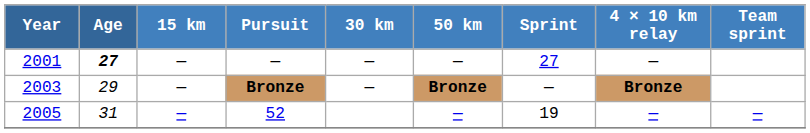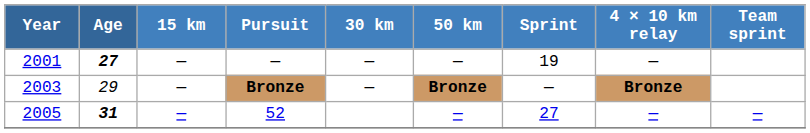 <table class="wikitable" style="font-size:95%; text-align:center; border:grey solid 1px; border-collapse:collapse; background:#ffffff;">
 <tr>
 <th style="background-color:#369; color:white; width:60px;"> Year </th>
 <th style="background-color:#369; color:white; width:40px;"> Age </th>
 <th style="background-color:#4180be; color:white; width:75px;"> 15 km </th>
 <th style="background-color:#4180be; color:white; width:75px;"> Pursuit </th>
 <th style="background-color:#4180be; color:white; width:75px;"> 30 km </th>
 <th style="background-color:#4180be; color:white; width:75px;"> 50 km </th>
 <th style="background-color:#4180be; color:white; width:75px;"> Sprint </th>
 <th style="background-color:#4180be; color:white; width:75px;"> 4 × 10 km <br> relay </th>
 <th style="background-color:#4180be; color:white; width:75px;"> Team <br> sprint </th>
 </tr>
 <tr>
 <td><a href='#'>2001</a></td>
 <td><strong><em>27</em></strong></td>
 <td>—</td>
 <td>—</td>
 <td>—</td>
 <td>—</td>
-<td><a href='#'>27</a></td>
+<td>19</td>
 <td>—</td>
 <td></td>
 </tr>
 <tr>
 <td><a href='#'>2003</a></td>
 <td><em>29</em></td>
 <td>—</td>
 <td bgcolor="cc9966"><strong>Bronze</strong></td>
 <td>—</td>
 <td bgcolor="cc9966"><strong>Bronze</strong></td>
 <td>—</td>
 <td bgcolor="cc9966"><strong>Bronze</strong></td>
 <td></td>
 </tr>
 <tr>
 <td><a href='#'>2005</a></td>
-<td><em>31</em></td>
+<td><strong><em>31</em></strong></td>
 <td><a href='#'>—</a></td>
 <td><a href='#'>52</a></td>
 <td></td>
 <td><a href='#'>—</a></td>
-<td>19</td>
+<td><a href='#'>27</a></td>
 <td><a href='#'>—</a></td>
 <td><a href='#'>—</a></td>
 </tr>
 <tr>
 </tr>
 </table>
